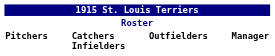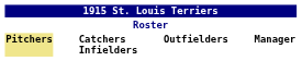 <table class="toccolours" style="font-size: 95%;">
 <tr>
 <th colspan="10" style="background-color: #000080; color: white; text-align: center;">1915 St. Louis Terriers</th>
 </tr>
 <tr>
 <td colspan="10" style="background-color: white; color: #000080; text-align: center;"><strong>Roster</strong></td>
 </tr>
 <tr>
-<td valign="top"><strong>Pitchers</strong><br>      </td>
+<td valign="top" style="background: khaki;"><strong>Pitchers</strong><br>      </td>
 <td width="25px"></td>
 <td valign="top"><strong>Catchers</strong><br>  <strong>Infielders</strong>         </td>
 <td width="25px"></td>
 <td valign="top"><strong>Outfielders</strong><br>      </td>
 <td width="25px"></td>
 <td valign="top"><strong>Manager</strong><br></td>
 </tr>
 </table>
